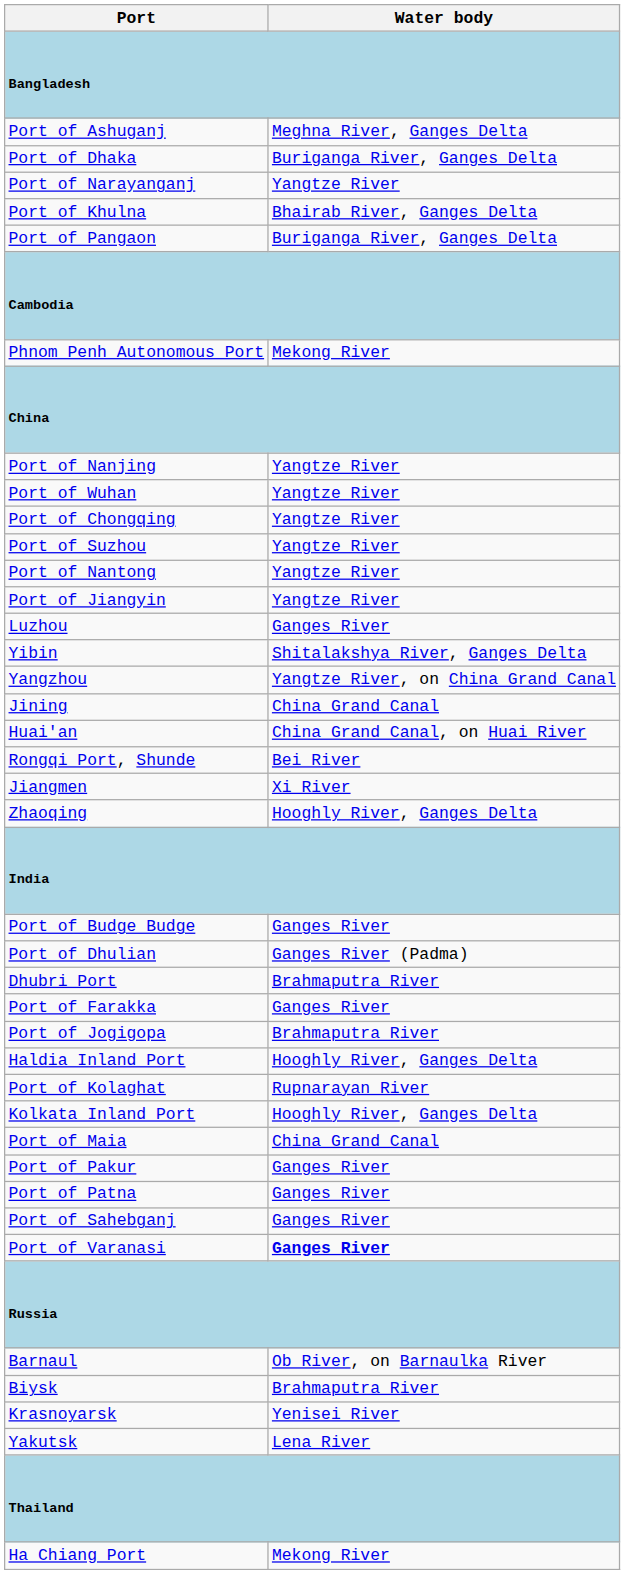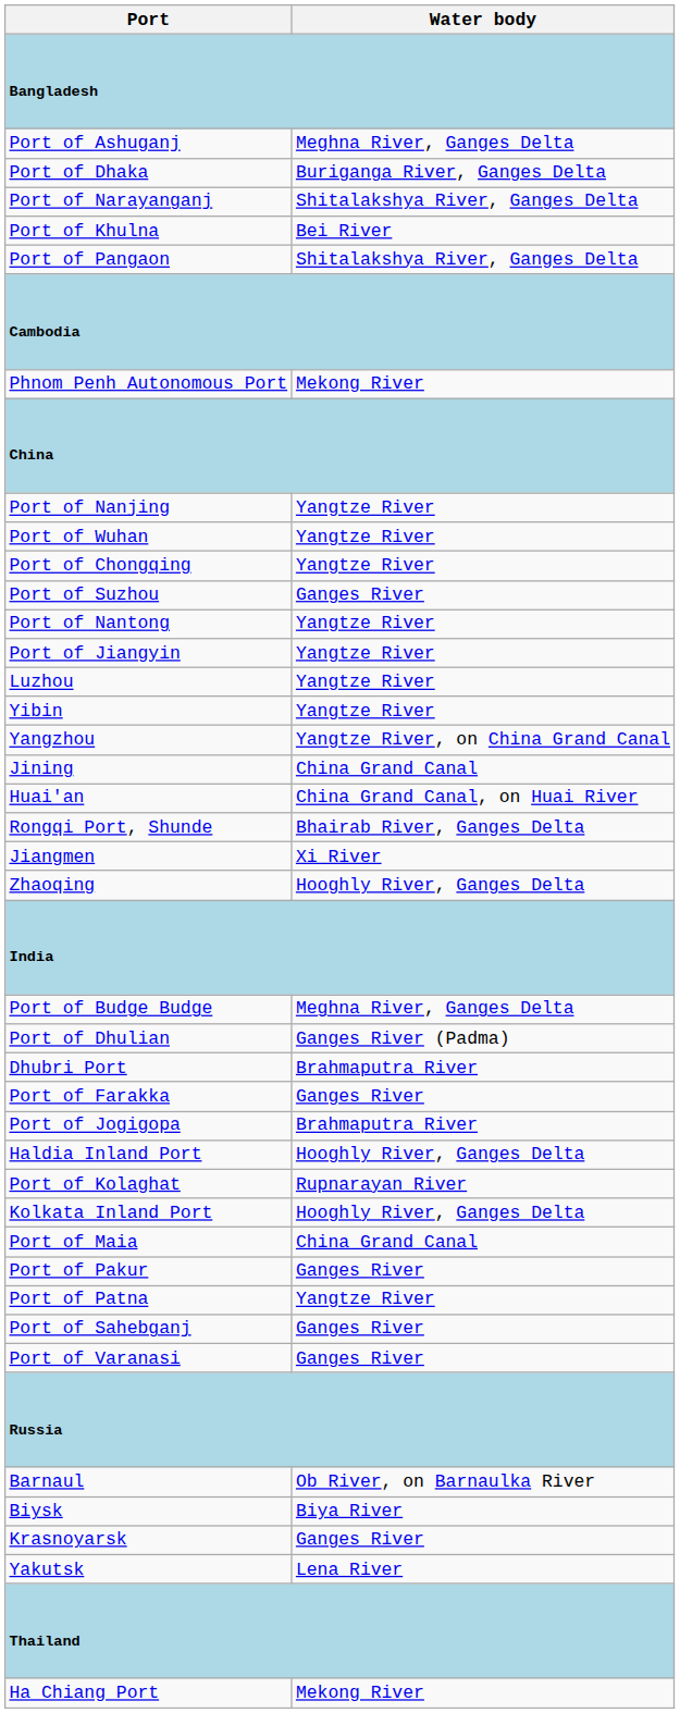 <table class="wikitable" border:1; cellpadding:0; cellspacing:0; vertical-align:top; align:left"|>
 <tr>
 <th bgcolor="lightblue">Port</th>
 <th bgcolor="lightblue">Water body</th>
 </tr>
 <tr>
 <td bgcolor="lightblue" colspan="7"><br><h5>Bangladesh</h5></td>
 </tr>
 <tr>
 <td><a href='#'>Port of Ashuganj</a></td>
 <td><a href='#'>Meghna River</a>, <a href='#'>Ganges Delta</a></td>
 </tr>
 <tr>
 <td><a href='#'>Port of Dhaka</a></td>
 <td><a href='#'>Buriganga River</a>, <a href='#'>Ganges Delta</a></td>
 </tr>
 <tr>
 <td><a href='#'>Port of Narayanganj</a></td>
-<td><a href='#'>Yangtze River</a></td>
+<td><a href='#'>Shitalakshya River</a>, <a href='#'>Ganges Delta</a></td>
 </tr>
 <tr>
 <td><a href='#'>Port of Khulna</a></td>
-<td><a href='#'>Bhairab River</a>, <a href='#'>Ganges Delta</a></td>
+<td><a href='#'>Bei River</a></td>
 </tr>
 <tr>
 <td><a href='#'>Port of Pangaon</a></td>
-<td><a href='#'>Buriganga River</a>, <a href='#'>Ganges Delta</a></td>
+<td><a href='#'>Shitalakshya River</a>, <a href='#'>Ganges Delta</a></td>
 </tr>
 <tr>
 <td bgcolor="lightblue" colspan="6"><br><h5>Cambodia</h5></td>
 </tr>
 <tr>
 <td><a href='#'>Phnom Penh Autonomous Port</a></td>
 <td><a href='#'>Mekong River</a></td>
 </tr>
 <tr>
 <td bgcolor="lightblue" colspan="6"><br><h5>China</h5></td>
 </tr>
 <tr>
 <td><a href='#'>Port of Nanjing</a></td>
 <td><a href='#'>Yangtze River</a></td>
 </tr>
 <tr>
 <td><a href='#'>Port of Wuhan</a></td>
 <td><a href='#'>Yangtze River</a></td>
 </tr>
 <tr>
 <td><a href='#'>Port of Chongqing</a></td>
 <td><a href='#'>Yangtze River</a></td>
 </tr>
 <tr>
 <td><a href='#'>Port of Suzhou</a></td>
-<td><a href='#'>Yangtze River</a></td>
+<td><a href='#'>Ganges River</a></td>
 </tr>
 <tr>
 <td><a href='#'>Port of Nantong</a></td>
 <td><a href='#'>Yangtze River</a></td>
 </tr>
 <tr>
 <td><a href='#'>Port of Jiangyin</a></td>
 <td><a href='#'>Yangtze River</a></td>
 </tr>
 <tr>
 <td><a href='#'>Luzhou</a></td>
-<td><a href='#'>Ganges River</a></td>
+<td><a href='#'>Yangtze River</a></td>
 </tr>
 <tr>
 <td><a href='#'>Yibin</a></td>
-<td><a href='#'>Shitalakshya River</a>, <a href='#'>Ganges Delta</a></td>
+<td><a href='#'>Yangtze River</a></td>
 </tr>
 <tr>
 <td><a href='#'>Yangzhou</a></td>
 <td><a href='#'>Yangtze River</a>, on <a href='#'>China Grand Canal</a></td>
 </tr>
 <tr>
 <td><a href='#'>Jining</a></td>
 <td><a href='#'>China Grand Canal</a></td>
 </tr>
 <tr>
 <td><a href='#'>Huai'an</a></td>
 <td><a href='#'>China Grand Canal</a>, on <a href='#'>Huai River</a></td>
 </tr>
 <tr>
 <td><a href='#'>Rongqi Port</a>, <a href='#'>Shunde</a></td>
-<td><a href='#'>Bei River</a></td>
+<td><a href='#'>Bhairab River</a>, <a href='#'>Ganges Delta</a></td>
 </tr>
 <tr>
 <td><a href='#'>Jiangmen</a></td>
 <td><a href='#'>Xi River</a></td>
 </tr>
 <tr>
 <td><a href='#'>Zhaoqing</a></td>
 <td><a href='#'>Hooghly River</a>, <a href='#'>Ganges Delta</a></td>
 </tr>
 <tr>
 <td bgcolor="lightblue" colspan="6"><br><h5>India</h5></td>
 </tr>
 <tr>
 <td><a href='#'>Port of Budge Budge</a></td>
-<td><a href='#'>Ganges River</a></td>
+<td><a href='#'>Meghna River</a>, <a href='#'>Ganges Delta</a></td>
 </tr>
 <tr>
 <td><a href='#'>Port of Dhulian</a></td>
 <td><a href='#'>Ganges River</a> (Padma)</td>
 </tr>
 <tr>
 <td><a href='#'>Dhubri Port</a></td>
 <td><a href='#'>Brahmaputra River</a></td>
 </tr>
 <tr>
 <td><a href='#'>Port of Farakka</a></td>
 <td><a href='#'>Ganges River</a></td>
 </tr>
 <tr>
 <td><a href='#'>Port of Jogigopa</a></td>
 <td><a href='#'>Brahmaputra River</a></td>
 </tr>
 <tr>
 <td><a href='#'>Haldia Inland Port</a></td>
 <td><a href='#'>Hooghly River</a>, <a href='#'>Ganges Delta</a></td>
 </tr>
 <tr>
 <td><a href='#'>Port of Kolaghat</a></td>
 <td><a href='#'>Rupnarayan River</a></td>
 </tr>
 <tr>
 <td><a href='#'>Kolkata Inland Port</a></td>
 <td><a href='#'>Hooghly River</a>, <a href='#'>Ganges Delta</a></td>
 </tr>
 <tr>
 <td><a href='#'>Port of Maia</a></td>
 <td><a href='#'>China Grand Canal</a></td>
 </tr>
 <tr>
 <td><a href='#'>Port of Pakur</a></td>
 <td><a href='#'>Ganges River</a></td>
 </tr>
 <tr>
 <td><a href='#'>Port of Patna</a></td>
-<td><a href='#'>Ganges River</a></td>
+<td><a href='#'>Yangtze River</a></td>
 </tr>
 <tr>
 <td><a href='#'>Port of Sahebganj</a></td>
 <td><a href='#'>Ganges River</a></td>
 </tr>
 <tr>
 <td><a href='#'>Port of Varanasi</a></td>
-<td><strong><a href='#'>Ganges River</a></strong></td>
+<td><a href='#'>Ganges River</a></td>
 </tr>
 <tr>
 <td bgcolor="lightblue" colspan="6"><br><h5>Russia</h5></td>
 </tr>
 <tr>
 <td><a href='#'>Barnaul</a></td>
 <td><a href='#'>Ob River</a>, on <a href='#'>Barnaulka</a> River</td>
 </tr>
 <tr>
 <td><a href='#'>Biysk</a></td>
-<td><a href='#'>Brahmaputra River</a></td>
+<td><a href='#'>Biya River</a></td>
 </tr>
 <tr>
 <td><a href='#'>Krasnoyarsk</a></td>
-<td><a href='#'>Yenisei River</a></td>
+<td><a href='#'>Ganges River</a></td>
 </tr>
 <tr>
 <td><a href='#'>Yakutsk</a></td>
 <td><a href='#'>Lena River</a></td>
 </tr>
 <tr>
 <td bgcolor="lightblue" colspan="6"><br><h5>Thailand</h5></td>
 </tr>
 <tr>
 <td><a href='#'>Ha Chiang Port</a></td>
 <td><a href='#'>Mekong River</a></td>
 </tr>
 <tr>
 </tr>
 </table>
